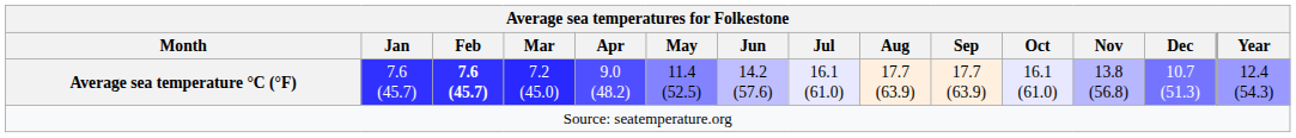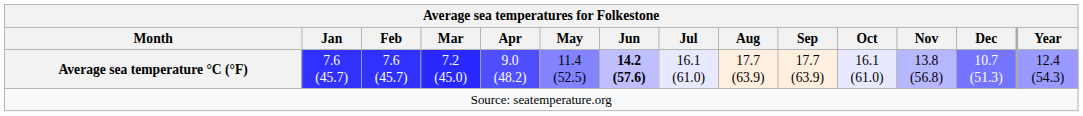 <table style="width:100%;text-align:center;line-height:1.2em;margin-left:auto;margin-right:auto" class="wikitable mw-collapsible mw-collapsed">
 <tr>
 <th Colspan=14>Average sea temperatures for Folkestone</th>
 </tr>
 <tr>
 <th>Month</th>
 <th>Jan</th>
 <th>Feb</th>
 <th>Mar</th>
 <th>Apr</th>
 <th>May</th>
 <th>Jun</th>
 <th>Jul</th>
 <th>Aug</th>
 <th>Sep</th>
 <th>Oct</th>
 <th>Nov</th>
 <th>Dec</th>
 <th style="border-left-width:medium">Year</th>
 </tr>
 <tr>
 <th>Average sea temperature °C (°F)</th>
 <td style="background:#3131ff;color:#ffffff;">7.6<br>(45.7)</td>
-<td style="background:#3131ff;color:#ffffff;"><strong>7.6<br>(45.7)</strong></td>
+<td style="background:#3131ff;color:#ffffff;">7.6<br>(45.7)</td>
 <td style="background:#2828ff;color:#ffffff;">7.2<br>(45.0)</td>
 <td style="background:#4f4fff;color:#ffffff;">9.0<br>(48.2)</td>
 <td style="background:#8383ff;color:#000000;">11.4<br>(52.5)</td>
-<td style="background:#bfbfff;color:#000000;">14.2<br>(57.6)</td>
+<td style="background:#bfbfff;color:#000000;"><strong>14.2<br>(57.6)</strong></td>
 <td style="background:#e8e8ff;color:#000000;">16.1<br>(61.0)</td>
 <td style="background:#ffefdf;color:#000000;">17.7<br>(63.9)</td>
 <td style="background:#ffefdf;color:#000000;">17.7<br>(63.9)</td>
 <td style="background:#e8e8ff;color:#000000;">16.1<br>(61.0)</td>
 <td style="background:#b7b7ff;color:#000000;">13.8<br>(56.8)</td>
 <td style="background:#7474ff;color:#ffffff;">10.7<br>(51.3)</td>
 <td style="background:#9999ff;color:#000000;border-left-width:medium">12.4<br>(54.3)</td>
 </tr>
 <tr>
 <th Colspan=14 style="background:#f8f9fa;font-weight:normal;font-size:95%;">Source: seatemperature.org </th>
 </tr>
 </table>
